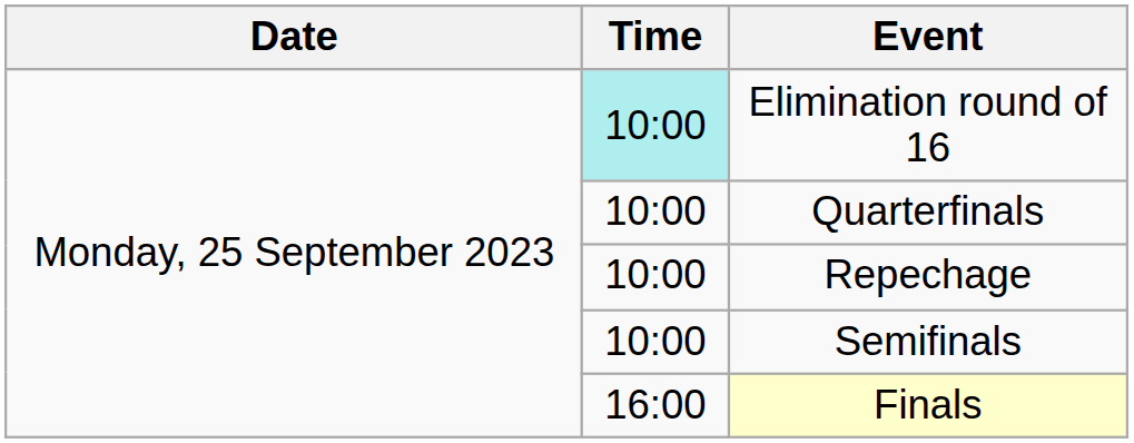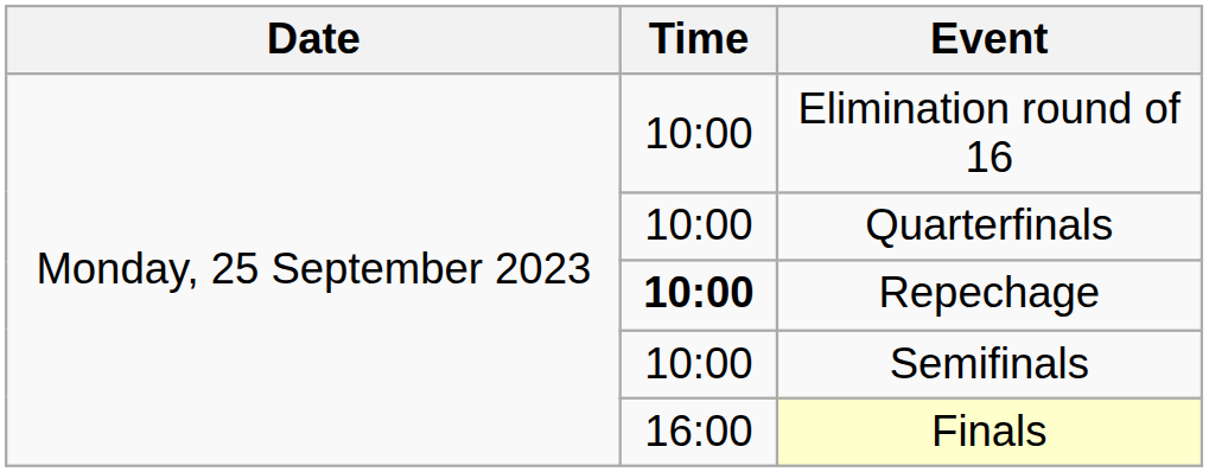 <table class = "wikitable" style="text-align:center;">
 <tr>
 <th width=220>Date</th>
 <th width=50>Time</th>
 <th width=150>Event</th>
 </tr>
 <tr>
 <td rowspan=5>Monday, 25 September 2023</td>
-<td style="background: paleturquoise;">10:00</td>
+<td>10:00</td>
 <td>Elimination round of 16</td>
 </tr>
 <tr>
 <td>10:00</td>
 <td>Quarterfinals</td>
 </tr>
 <tr>
-<td>10:00</td>
+<td><strong>10:00</strong></td>
 <td>Repechage</td>
 </tr>
 <tr>
 <td>10:00</td>
 <td>Semifinals</td>
 </tr>
 <tr>
 <td>16:00</td>
 <td bgcolor=ffffcc>Finals</td>
 </tr>
 </table>
